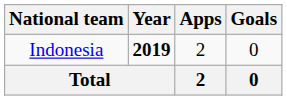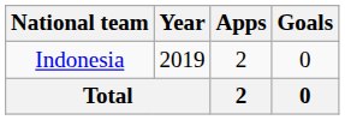 <table class=wikitable style=text-align:center>
 <tr>
 <th>National team</th>
 <th>Year</th>
 <th>Apps</th>
 <th>Goals</th>
 </tr>
 <tr>
 <td rowspan="1"><a href='#'>Indonesia</a></td>
-<td><strong>2019</strong></td>
+<td>2019</td>
 <td>2</td>
 <td>0</td>
 </tr>
 <tr>
 <th colspan=2>Total</th>
 <th>2</th>
 <th>0</th>
 </tr>
 </table>
